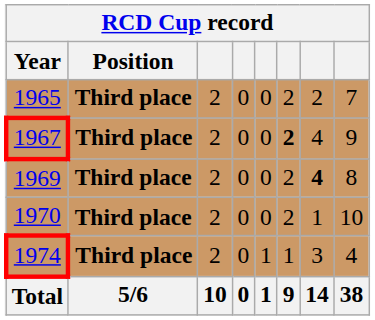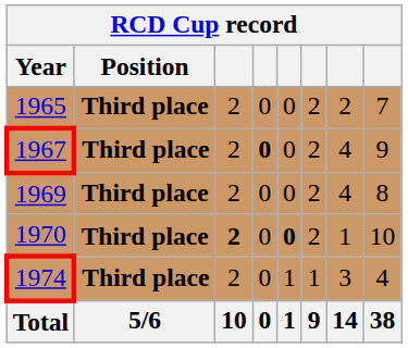 <table class="wikitable" style="text-align: center">
 <tr>
 <th colspan="9"><a href='#'>RCD Cup</a> record</th>
 </tr>
 <tr>
 <th>Year</th>
 <th>Position</th>
 <th></th>
 <th></th>
 <th></th>
 <th></th>
 <th></th>
 <th></th>
 </tr>
 <tr style="background:#cc9966;">
 <td> <a href='#'>1965</a></td>
 <td><strong>Third place</strong></td>
 <td>2</td>
 <td>0</td>
 <td>0</td>
 <td>2</td>
 <td>2</td>
 <td>7</td>
 </tr>
 <tr style="background:#cc9966;">
 <td style="border: 3px solid red"> <a href='#'>1967</a></td>
 <td><strong>Third place</strong></td>
 <td>2</td>
+<td><strong>0</strong></td>
 <td>0</td>
-<td>0</td>
-<td><strong>2</strong></td>
+<td>2</td>
 <td>4</td>
 <td>9</td>
 </tr>
 <tr style="background:#cc9966;">
 <td> <a href='#'>1969</a></td>
 <td><strong>Third place</strong></td>
 <td>2</td>
 <td>0</td>
 <td>0</td>
 <td>2</td>
-<td><strong>4</strong></td>
+<td>4</td>
 <td>8</td>
 </tr>
 <tr style="background:#cc9966;">
 <td> <a href='#'>1970</a></td>
 <td><strong>Third place</strong></td>
-<td>2</td>
+<td><strong>2</strong></td>
 <td>0</td>
-<td>0</td>
+<td><strong>0</strong></td>
 <td>2</td>
 <td>1</td>
 <td>10</td>
 </tr>
 <tr style="background:#cc9966;">
 <td style="border: 3px solid red"> <a href='#'>1974</a></td>
 <td><strong>Third place</strong></td>
 <td>2</td>
 <td>0</td>
 <td>1</td>
 <td>1</td>
 <td>3</td>
 <td>4</td>
 </tr>
 <tr>
 <th>Total</th>
 <th>5/6</th>
 <th>10</th>
 <th>0</th>
 <th>1</th>
 <th>9</th>
 <th>14</th>
 <th>38</th>
 </tr>
 </table>
